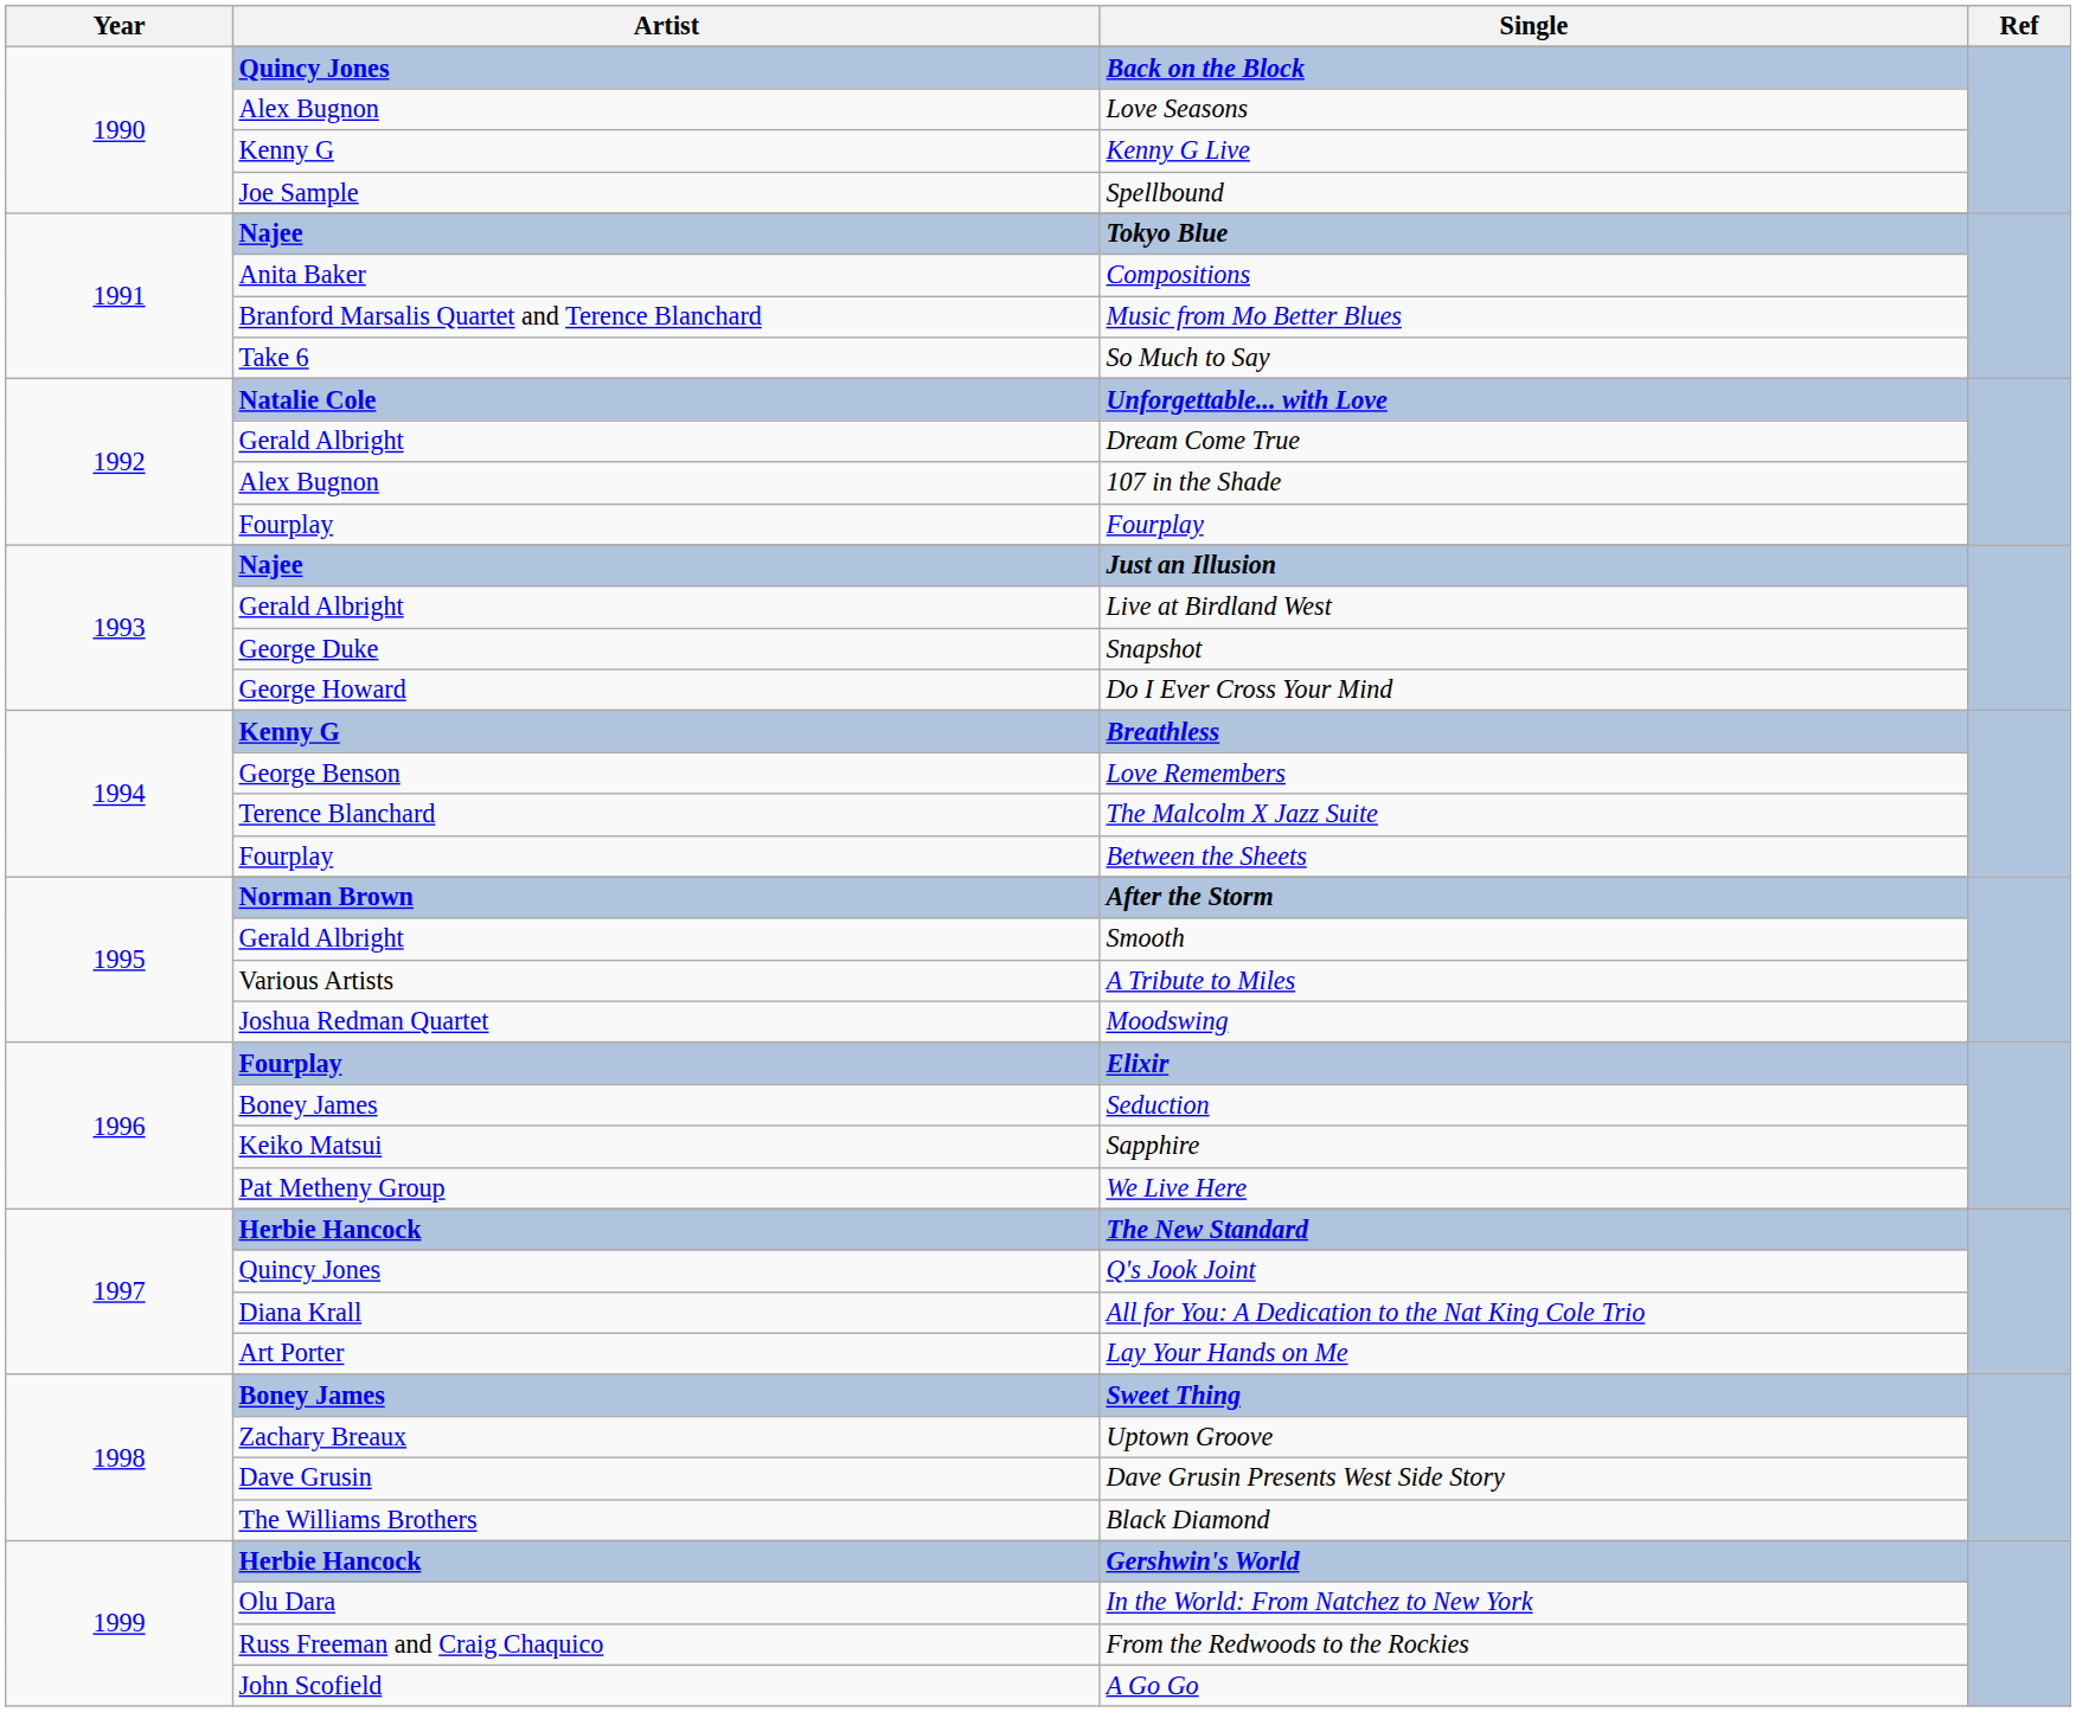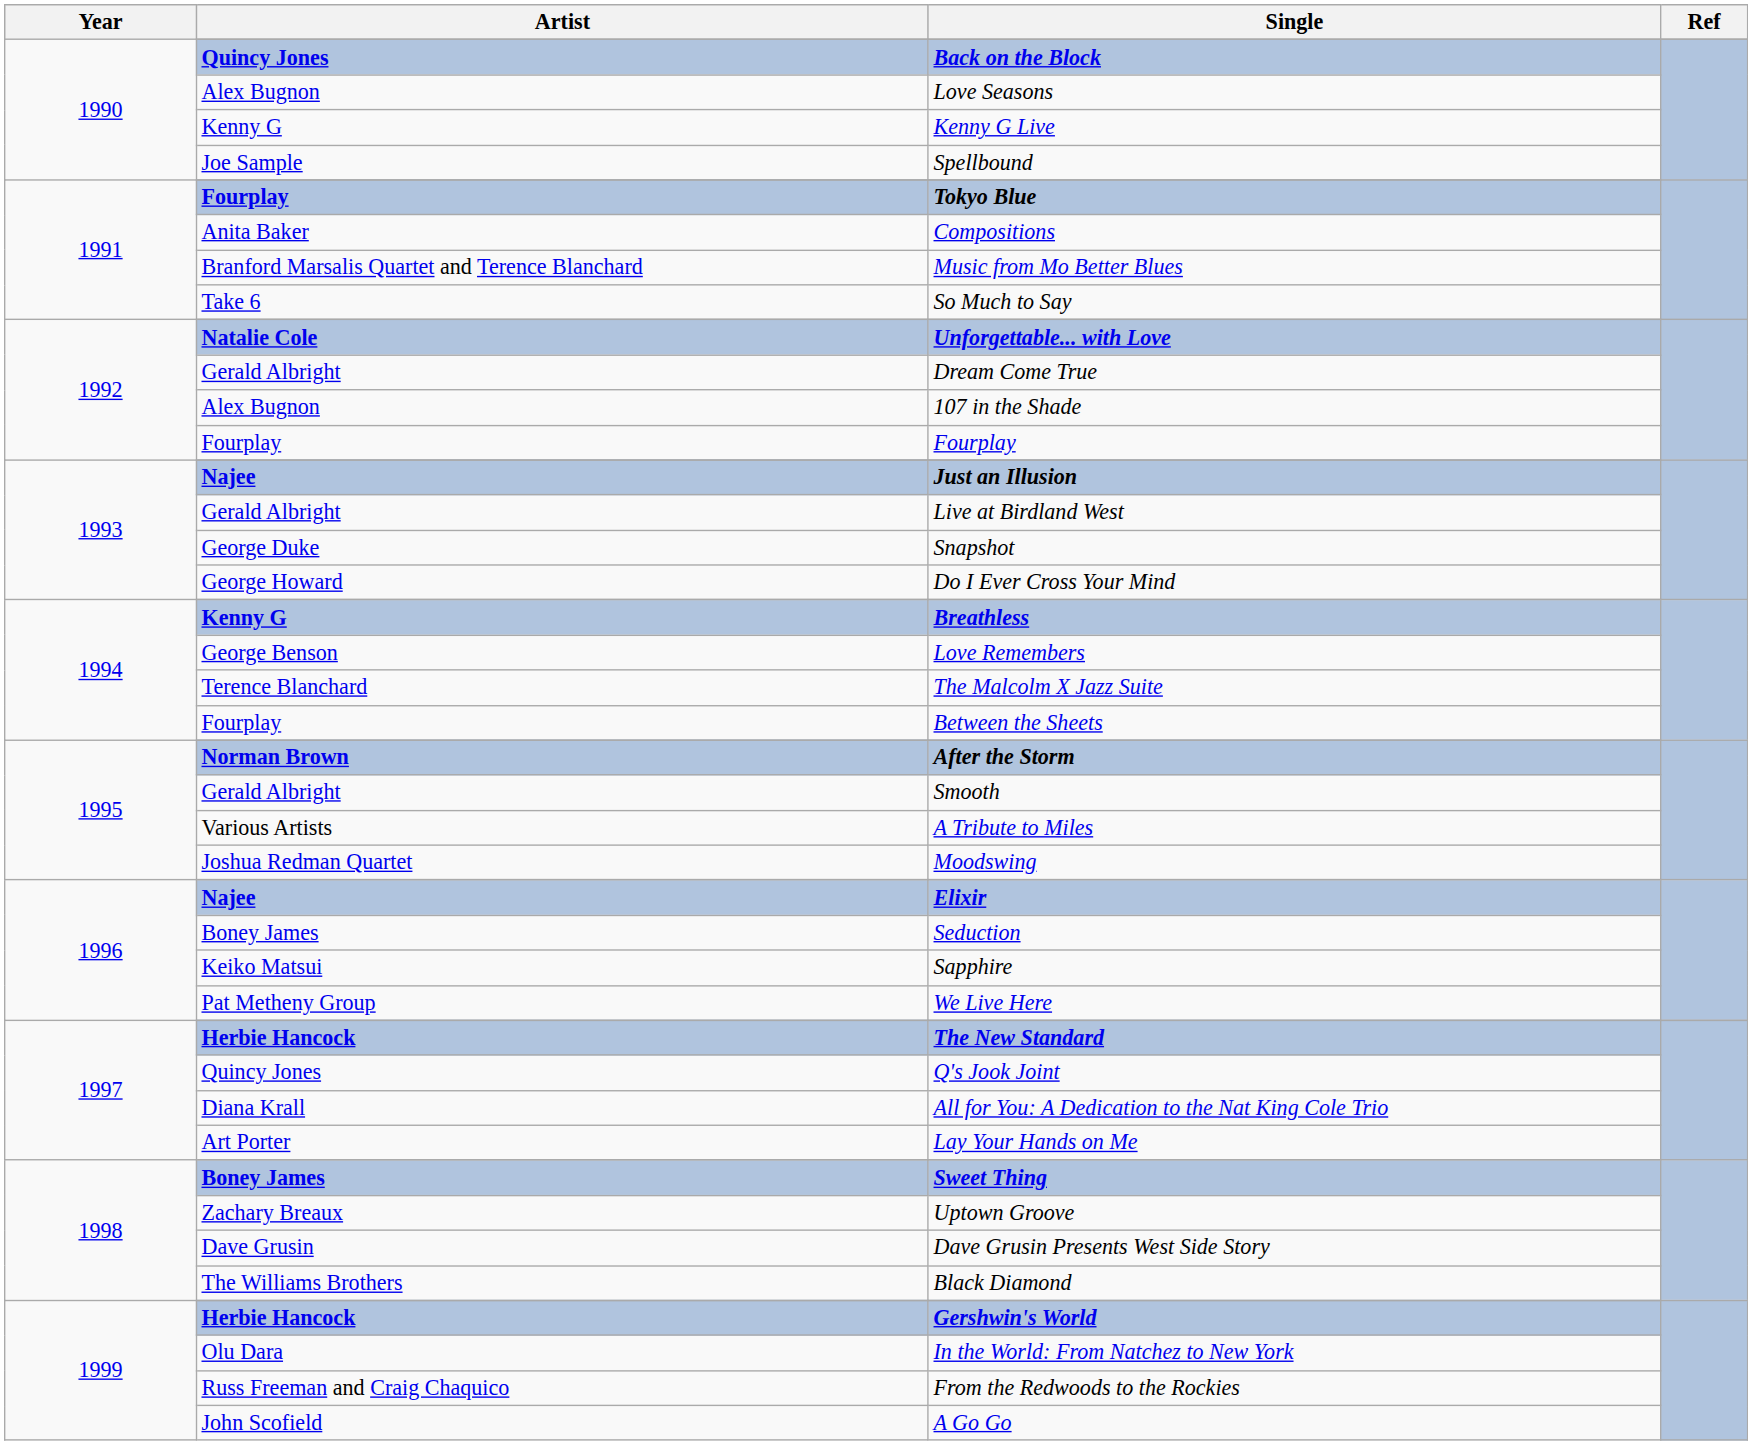 <table class="wikitable" style="width:100%;">
 <tr style="background:#bebebe;">
 <th style="width:11%;">Year</th>
 <th style="width:42%;">Artist</th>
 <th style="width:42%;">Single</th>
 <th style="width:5%;">Ref</th>
 </tr>
 <tr>
 <td rowspan="5" align="center"><a href='#'>1990</a></td>
 </tr>
 <tr style="background:#B0C4DE">
 <td><strong><a href='#'>Quincy Jones</a></strong></td>
 <td><strong><em><a href='#'>Back on the Block</a></em></strong></td>
 <td rowspan="5" align="center"></td>
 </tr>
 <tr>
 <td><a href='#'>Alex Bugnon</a></td>
 <td><em>Love Seasons</em></td>
 </tr>
 <tr>
 <td><a href='#'>Kenny G</a></td>
 <td><em><a href='#'>Kenny G Live</a></em></td>
 </tr>
 <tr>
 <td><a href='#'>Joe Sample</a></td>
 <td><em>Spellbound</em></td>
 </tr>
 <tr>
 <td rowspan="5" align="center"><a href='#'>1991</a></td>
 </tr>
 <tr style="background:#B0C4DE">
-<td><strong><a href='#'>Najee</a></strong></td>
+<td><strong><a href='#'>Fourplay</a></strong></td>
 <td><strong><em>Tokyo Blue</em></strong></td>
 <td rowspan="5" align="center"></td>
 </tr>
 <tr>
 <td><a href='#'>Anita Baker</a></td>
 <td><em><a href='#'>Compositions</a></em></td>
 </tr>
 <tr>
 <td><a href='#'>Branford Marsalis Quartet</a> and <a href='#'>Terence Blanchard</a></td>
 <td><em><a href='#'>Music from Mo Better Blues</a></em></td>
 </tr>
 <tr>
 <td><a href='#'>Take 6</a></td>
 <td><em>So Much to Say</em></td>
 </tr>
 <tr>
 <td rowspan="5" align="center"><a href='#'>1992</a></td>
 </tr>
 <tr style="background:#B0C4DE">
 <td><strong><a href='#'>Natalie Cole</a></strong></td>
 <td><strong><em><a href='#'>Unforgettable... with Love</a></em></strong></td>
 <td rowspan="5" align="center"></td>
 </tr>
 <tr>
 <td><a href='#'>Gerald Albright</a></td>
 <td><em>Dream Come True</em></td>
 </tr>
 <tr>
 <td><a href='#'>Alex Bugnon</a></td>
 <td><em>107 in the Shade</em></td>
 </tr>
 <tr>
 <td><a href='#'>Fourplay</a></td>
 <td><em><a href='#'>Fourplay</a></em></td>
 </tr>
 <tr>
 <td rowspan="5" align="center"><a href='#'>1993</a></td>
 </tr>
 <tr style="background:#B0C4DE">
 <td><strong><a href='#'>Najee</a></strong></td>
 <td><strong><em>Just an Illusion</em></strong></td>
 <td rowspan="5" align="center"></td>
 </tr>
 <tr>
 <td><a href='#'>Gerald Albright</a></td>
 <td><em>Live at Birdland West</em></td>
 </tr>
 <tr>
 <td><a href='#'>George Duke</a></td>
 <td><em>Snapshot</em></td>
 </tr>
 <tr>
 <td><a href='#'>George Howard</a></td>
 <td><em>Do I Ever Cross Your Mind</em></td>
 </tr>
 <tr>
 <td rowspan="5" align="center"><a href='#'>1994</a></td>
 </tr>
 <tr style="background:#B0C4DE">
 <td><strong><a href='#'>Kenny G</a></strong></td>
 <td><strong><em><a href='#'>Breathless</a></em></strong></td>
 <td rowspan="5" align="center"></td>
 </tr>
 <tr>
 <td><a href='#'>George Benson</a></td>
 <td><em><a href='#'>Love Remembers</a></em></td>
 </tr>
 <tr>
 <td><a href='#'>Terence Blanchard</a></td>
 <td><em><a href='#'>The Malcolm X Jazz Suite</a></em></td>
 </tr>
 <tr>
 <td><a href='#'>Fourplay</a></td>
 <td><em><a href='#'>Between the Sheets</a></em></td>
 </tr>
 <tr>
 <td rowspan="5" align="center"><a href='#'>1995</a></td>
 </tr>
 <tr style="background:#B0C4DE">
 <td><strong><a href='#'>Norman Brown</a></strong></td>
 <td><strong><em>After the Storm</em></strong></td>
 <td rowspan="5" align="center"></td>
 </tr>
 <tr>
 <td><a href='#'>Gerald Albright</a></td>
 <td><em>Smooth</em></td>
 </tr>
 <tr>
 <td>Various Artists</td>
 <td><em><a href='#'>A Tribute to Miles</a></em></td>
 </tr>
 <tr>
 <td><a href='#'>Joshua Redman Quartet</a></td>
 <td><em><a href='#'>Moodswing</a></em></td>
 </tr>
 <tr>
 <td rowspan="5" align="center"><a href='#'>1996</a></td>
 </tr>
 <tr style="background:#B0C4DE">
-<td><strong><a href='#'>Fourplay</a></strong></td>
+<td><strong><a href='#'>Najee</a></strong></td>
 <td><strong><em><a href='#'>Elixir</a></em></strong></td>
 <td rowspan="4" align="center"></td>
 </tr>
 <tr>
 <td><a href='#'>Boney James</a></td>
 <td><em><a href='#'>Seduction</a></em></td>
 </tr>
 <tr>
 <td><a href='#'>Keiko Matsui</a></td>
 <td><em>Sapphire</em></td>
 </tr>
 <tr>
 <td><a href='#'>Pat Metheny Group</a></td>
 <td><em><a href='#'>We Live Here</a></em></td>
 </tr>
 <tr>
 <td rowspan="5" align="center"><a href='#'>1997</a></td>
 </tr>
 <tr style="background:#B0C4DE">
 <td><strong><a href='#'>Herbie Hancock</a></strong></td>
 <td><strong><em><a href='#'>The New Standard</a></em></strong></td>
 <td rowspan="5" align="center"></td>
 </tr>
 <tr>
 <td><a href='#'>Quincy Jones</a></td>
 <td><em><a href='#'>Q's Jook Joint</a></em></td>
 </tr>
 <tr>
 <td><a href='#'>Diana Krall</a></td>
 <td><em><a href='#'>All for You: A Dedication to the Nat King Cole Trio</a></em></td>
 </tr>
 <tr>
 <td><a href='#'>Art Porter</a></td>
 <td><em><a href='#'>Lay Your Hands on Me</a></em></td>
 </tr>
 <tr>
 <td rowspan="5" align="center"><a href='#'>1998</a></td>
 </tr>
 <tr style="background:#B0C4DE">
 <td><strong><a href='#'>Boney James</a></strong></td>
 <td><strong><em><a href='#'>Sweet Thing</a></em></strong></td>
 <td rowspan="5" align="center"></td>
 </tr>
 <tr>
 <td><a href='#'>Zachary Breaux</a></td>
 <td><em>Uptown Groove</em></td>
 </tr>
 <tr>
 <td><a href='#'>Dave Grusin</a></td>
 <td><em>Dave Grusin Presents West Side Story</em></td>
 </tr>
 <tr>
 <td><a href='#'>The Williams Brothers</a></td>
 <td><em>Black Diamond</em></td>
 </tr>
 <tr>
 <td rowspan="5" align="center"><a href='#'>1999</a></td>
 </tr>
 <tr style="background:#B0C4DE">
 <td><strong><a href='#'>Herbie Hancock</a></strong></td>
 <td><strong><em><a href='#'>Gershwin's World</a></em></strong></td>
 <td rowspan="5" align="center"></td>
 </tr>
 <tr>
 <td><a href='#'>Olu Dara</a></td>
 <td><em><a href='#'>In the World: From Natchez to New York</a></em></td>
 </tr>
 <tr>
 <td><a href='#'>Russ Freeman</a> and <a href='#'>Craig Chaquico</a></td>
 <td><em>From the Redwoods to the Rockies</em></td>
 </tr>
 <tr>
 <td><a href='#'>John Scofield</a></td>
 <td><em><a href='#'>A Go Go</a></em></td>
 </tr>
 </table>
